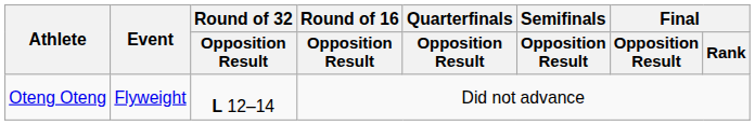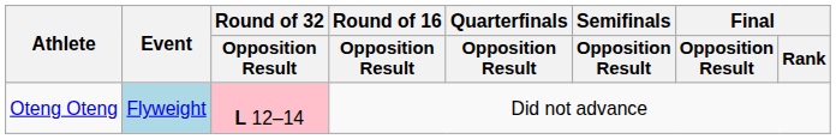 <table class="wikitable" style="font-size:90%">
 <tr>
 <th rowspan="2">Athlete</th>
 <th rowspan="2">Event</th>
 <th>Round of 32</th>
 <th>Round of 16</th>
 <th>Quarterfinals</th>
 <th>Semifinals</th>
 <th colspan=2>Final</th>
 </tr>
 <tr style="font-size:95%">
 <th>Opposition<br>Result</th>
 <th>Opposition<br>Result</th>
 <th>Opposition<br>Result</th>
 <th>Opposition<br>Result</th>
 <th>Opposition<br>Result</th>
 <th>Rank</th>
 </tr>
 <tr align=center>
 <td align=left><a href='#'>Oteng Oteng</a></td>
-<td align=left><a href='#'>Flyweight</a></td>
-<td><br><strong>L</strong> 12–14</td>
+<td align=left style="background: lightblue;"><a href='#'>Flyweight</a></td>
+<td style="background: pink;"><br><strong>L</strong> 12–14</td>
 <td colspan=5>Did not advance</td>
 </tr>
 </table>
